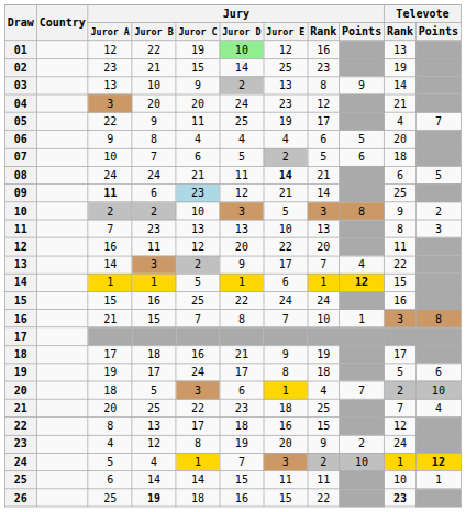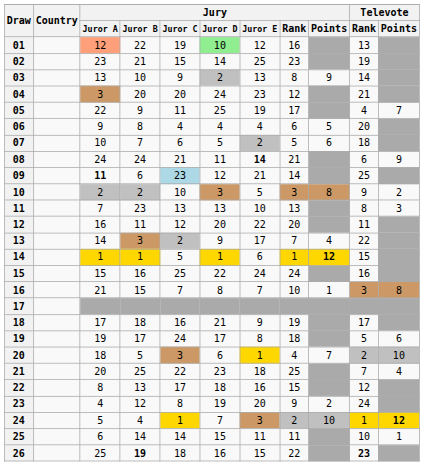 <table class="sortable wikitable collapsible plainrowheaders" style="text-align:center;">
 <tr>
 </tr>
 <tr>
 <th scope="col" rowspan="2">Draw</th>
 <th scope="col" rowspan="2">Country</th>
 <th scope="col" colspan="7">Jury</th>
 <th scope="col" colspan="2">Televote</th>
 </tr>
 <tr>
 <th scope="col"><small>Juror A</small></th>
 <th scope="col"><small>Juror B</small></th>
 <th scope="col"><small>Juror C</small></th>
 <th scope="col"><small>Juror D</small></th>
 <th scope="col"><small>Juror E</small></th>
 <th scope="col">Rank</th>
 <th scope="col">Points</th>
 <th scope="col">Rank</th>
 <th scope="col">Points</th>
 </tr>
 <tr>
 <th scope="row" style="text-align:center;">01</th>
 <td style="text-align:left;"></td>
-<td>12</td>
+<td style="background: lightsalmon;">12</td>
 <td>22</td>
 <td>19</td>
 <td style="background: lightgreen;">10</td>
 <td>12</td>
 <td>16</td>
 <td style="background:#AAAAAA;"></td>
 <td>13</td>
 <td style="background:#AAAAAA;"></td>
 </tr>
 <tr>
 <th scope="row" style="text-align:center;">02</th>
 <td style="text-align:left;"></td>
 <td>23</td>
 <td>21</td>
 <td>15</td>
 <td>14</td>
 <td>25</td>
 <td>23</td>
 <td style="background:#AAAAAA;"></td>
 <td>19</td>
 <td style="background:#AAAAAA;"></td>
 </tr>
 <tr>
 <th scope="row" style="text-align:center;">03</th>
 <td style="text-align:left;"></td>
 <td>13</td>
 <td>10</td>
 <td>9</td>
 <td style="background:silver;">2</td>
 <td>13</td>
 <td>8</td>
 <td>9</td>
 <td>14</td>
 <td style="background:#AAAAAA;"></td>
 </tr>
 <tr>
 <th scope="row" style="text-align:center;">04</th>
 <td style="text-align:left;"></td>
 <td style="background:#CC9966;">3</td>
 <td>20</td>
 <td>20</td>
 <td>24</td>
 <td>23</td>
 <td>12</td>
 <td style="background:#AAAAAA;"></td>
 <td>21</td>
 <td style="background:#AAAAAA;"></td>
 </tr>
 <tr>
 <th scope="row" style="text-align:center;">05</th>
 <td style="text-align:left;"></td>
 <td>22</td>
 <td>9</td>
 <td>11</td>
 <td>25</td>
 <td>19</td>
 <td>17</td>
 <td style="background:#AAAAAA;"></td>
 <td>4</td>
 <td>7</td>
 </tr>
 <tr>
 <th scope="row" style="text-align:center;">06</th>
 <td style="text-align:left;"></td>
 <td>9</td>
 <td>8</td>
 <td>4</td>
 <td>4</td>
 <td>4</td>
 <td>6</td>
 <td>5</td>
 <td>20</td>
 <td style="background:#AAAAAA;"></td>
 </tr>
 <tr>
 <th scope="row" style="text-align:center;">07</th>
 <td style="text-align:left;"></td>
 <td>10</td>
 <td>7</td>
 <td>6</td>
 <td>5</td>
 <td style="background:silver;">2</td>
 <td>5</td>
 <td>6</td>
 <td>18</td>
 <td style="background:#AAAAAA;"></td>
 </tr>
 <tr>
 <th scope="row" style="text-align:center;">08</th>
 <td style="text-align:left;"></td>
 <td>24</td>
 <td>24</td>
 <td>21</td>
 <td>11</td>
 <td><strong>14</strong></td>
 <td>21</td>
 <td style="background:#AAAAAA;"></td>
 <td>6</td>
-<td>5</td>
+<td>9</td>
 </tr>
 <tr>
 <th scope="row" style="text-align:center;">09</th>
 <td style="text-align:left;"></td>
 <td><strong>11</strong></td>
 <td>6</td>
 <td style="background: lightblue;">23</td>
 <td>12</td>
 <td>21</td>
 <td>14</td>
 <td style="background:#AAAAAA;"></td>
 <td>25</td>
 <td style="background:#AAAAAA;"></td>
 </tr>
 <tr>
 <th scope="row" style="text-align:center;">10</th>
 <td style="text-align:left;"></td>
 <td style="background:silver;">2</td>
 <td style="background:silver;">2</td>
 <td>10</td>
 <td style="background:#CC9966;">3</td>
 <td>5</td>
 <td style="background:#CC9966;">3</td>
 <td style="background:#CC9966;">8</td>
 <td>9</td>
 <td>2</td>
 </tr>
 <tr>
 <th scope="row" style="text-align:center;">11</th>
 <td style="text-align:left;"></td>
 <td>7</td>
 <td>23</td>
 <td>13</td>
 <td>13</td>
 <td>10</td>
 <td>13</td>
 <td style="background:#AAAAAA;"></td>
 <td>8</td>
 <td>3</td>
 </tr>
 <tr>
 <th scope="row" style="text-align:center;">12</th>
 <td style="text-align:left;"></td>
 <td>16</td>
 <td>11</td>
 <td>12</td>
 <td>20</td>
 <td>22</td>
 <td>20</td>
 <td style="background:#AAAAAA;"></td>
 <td>11</td>
 <td style="background:#AAAAAA;"></td>
 </tr>
 <tr>
 <th scope="row" style="text-align:center;">13</th>
 <td style="text-align:left;"></td>
 <td>14</td>
 <td style="background:#CC9966;">3</td>
 <td style="background:silver;">2</td>
 <td>9</td>
 <td>17</td>
 <td>7</td>
 <td>4</td>
 <td>22</td>
 <td style="background:#AAAAAA;"></td>
 </tr>
 <tr>
 <th scope="row" style="text-align:center;">14</th>
 <td style="text-align:left;"></td>
 <td style="background:gold;">1</td>
 <td style="background:gold;">1</td>
 <td>5</td>
 <td style="background:gold;">1</td>
 <td>6</td>
 <td style="background:gold;">1</td>
 <td style="background:gold;"><strong>12</strong></td>
 <td>15</td>
 <td style="background:#AAAAAA;"></td>
 </tr>
 <tr>
 <th scope="row" style="text-align:center;">15</th>
 <td style="text-align:left;"></td>
 <td>15</td>
 <td>16</td>
 <td>25</td>
 <td>22</td>
 <td>24</td>
 <td>24</td>
 <td style="background:#AAAAAA;"></td>
 <td>16</td>
 <td style="background:#AAAAAA;"></td>
 </tr>
 <tr>
 <th scope="row" style="text-align:center;">16</th>
 <td style="text-align:left;"></td>
 <td>21</td>
 <td>15</td>
 <td>7</td>
 <td>8</td>
 <td>7</td>
 <td>10</td>
 <td>1</td>
 <td style="background:#CC9966;">3</td>
 <td style="background:#CC9966;">8</td>
 </tr>
 <tr class="sortbottom">
 <th scope="row" style="text-align:center;">17</th>
 <td style="text-align:left;"></td>
 <td style="background:#AAAAAA;"></td>
 <td style="background:#AAAAAA;"></td>
 <td style="background:#AAAAAA;"></td>
 <td style="background:#AAAAAA;"></td>
 <td style="background:#AAAAAA;"></td>
 <td style="background:#AAAAAA;"></td>
 <td style="background:#AAAAAA;"></td>
 <td style="background:#AAAAAA;"></td>
 <td style="background:#AAAAAA;"></td>
 </tr>
 <tr>
 <th scope="row" style="text-align:center;">18</th>
 <td style="text-align:left;"></td>
 <td>17</td>
 <td>18</td>
 <td>16</td>
 <td>21</td>
 <td>9</td>
 <td>19</td>
 <td style="background:#AAAAAA;"></td>
 <td>17</td>
 <td style="background:#AAAAAA;"></td>
 </tr>
 <tr>
 <th scope="row" style="text-align:center;">19</th>
 <td style="text-align:left;"></td>
 <td>19</td>
 <td>17</td>
 <td>24</td>
 <td>17</td>
 <td>8</td>
 <td>18</td>
 <td style="background:#AAAAAA;"></td>
 <td>5</td>
 <td>6</td>
 </tr>
 <tr>
 <th scope="row" style="text-align:center;">20</th>
 <td style="text-align:left;"></td>
 <td>18</td>
 <td>5</td>
 <td style="background:#CC9966;">3</td>
 <td>6</td>
 <td style="background:gold;">1</td>
 <td>4</td>
 <td>7</td>
 <td style="background:silver;">2</td>
 <td style="background:silver;">10</td>
 </tr>
 <tr>
 <th scope="row" style="text-align:center;">21</th>
 <td style="text-align:left;"></td>
 <td>20</td>
 <td>25</td>
 <td>22</td>
 <td>23</td>
 <td>18</td>
 <td>25</td>
 <td style="background:#AAAAAA;"></td>
 <td>7</td>
 <td>4</td>
 </tr>
 <tr>
 <th scope="row" style="text-align:center;">22</th>
 <td style="text-align:left;"></td>
 <td>8</td>
 <td>13</td>
 <td>17</td>
 <td>18</td>
 <td>16</td>
 <td>15</td>
 <td style="background:#AAAAAA;"></td>
 <td>12</td>
 <td style="background:#AAAAAA;"></td>
 </tr>
 <tr>
 <th scope="row" style="text-align:center;">23</th>
 <td style="text-align:left;"></td>
 <td>4</td>
 <td>12</td>
 <td>8</td>
 <td>19</td>
 <td>20</td>
 <td>9</td>
 <td>2</td>
 <td>24</td>
 <td style="background:#AAAAAA;"></td>
 </tr>
 <tr>
 <th scope="row" style="text-align:center;">24</th>
 <td style="text-align:left;"></td>
 <td>5</td>
 <td>4</td>
 <td style="background:gold;">1</td>
 <td>7</td>
 <td style="background:#CC9966;">3</td>
 <td style="background:silver;">2</td>
 <td style="background:silver;">10</td>
 <td style="background:gold;">1</td>
 <td style="background:gold;"><strong>12</strong></td>
 </tr>
 <tr>
 <th scope="row" style="text-align:center;">25</th>
 <td style="text-align:left;"></td>
 <td>6</td>
 <td>14</td>
 <td>14</td>
 <td>15</td>
 <td>11</td>
 <td>11</td>
 <td style="background:#AAAAAA;"></td>
 <td>10</td>
 <td>1</td>
 </tr>
 <tr>
 <th scope="row" style="text-align:center;">26</th>
 <td style="text-align:left;"></td>
 <td>25</td>
 <td><strong>19</strong></td>
 <td>18</td>
 <td>16</td>
 <td>15</td>
 <td>22</td>
 <td style="background:#AAAAAA;"></td>
 <td><strong>23</strong></td>
 <td style="background:#AAAAAA;"></td>
 </tr>
 </table>
